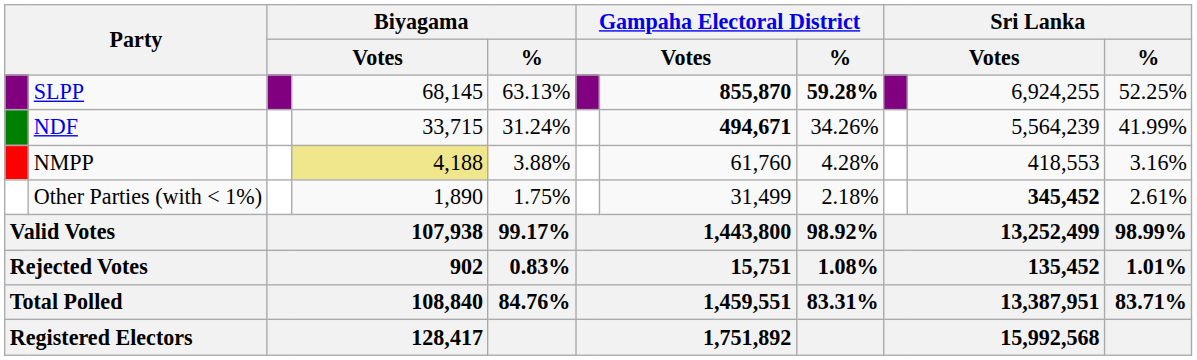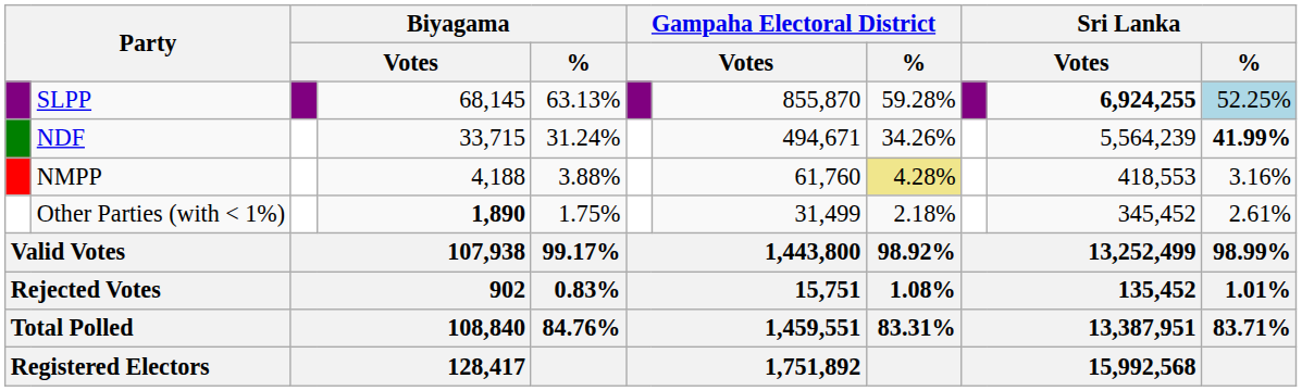 <table class="wikitable">
 <tr>
 <th colspan="2" width="144px"rowspan="2">Party</th>
 <th colspan="3" width="216px">Biyagama</th>
 <th colspan="3" width="216px"><a href='#'>Gampaha Electoral District</a></th>
 <th colspan="3" width="216px">Sri Lanka</th>
 </tr>
 <tr>
 <th colspan="2" width="144px">Votes</th>
 <th>%</th>
 <th colspan="2" width="144px">Votes</th>
 <th>%</th>
 <th colspan="2" width="144px">Votes</th>
 <th>%</th>
 </tr>
 <tr>
 <td style="background-color:purple;" width="10px"></td>
 <td style="text-align:left;"><a href='#'>SLPP</a></td>
 <td style="background-color:purple;" width="10px"></td>
 <td style="text-align:right;">68,145</td>
 <td style="text-align:right;">63.13%</td>
 <td style="background-color:purple;" width="10px"></td>
-<td style="text-align:right;"><strong>855,870</strong></td>
-<td style="text-align:right;"><strong>59.28%</strong></td>
+<td style="text-align:right;">855,870</td>
+<td style="text-align:right;">59.28%</td>
 <td style="background-color:purple;" width="10px"></td>
-<td style="text-align:right;">6,924,255</td>
-<td style="text-align:right;">52.25%</td>
+<td style="text-align:right;"><strong>6,924,255</strong></td>
+<td style="background: lightblue; text-align:right;">52.25%</td>
 </tr>
 <tr>
 <td style="background-color:green;" width="10px"></td>
 <td style="text-align:left;"><a href='#'>NDF</a></td>
 <td style="background-color:white;" width="10px"></td>
 <td style="text-align:right;">33,715</td>
 <td style="text-align:right;">31.24%</td>
 <td style="background-color:white;" width="10px"></td>
-<td style="text-align:right;"><strong>494,671</strong></td>
+<td style="text-align:right;">494,671</td>
 <td style="text-align:right;">34.26%</td>
 <td style="background-color:white;" width="10px"></td>
 <td style="text-align:right;">5,564,239</td>
-<td style="text-align:right;">41.99%</td>
+<td style="text-align:right;"><strong>41.99%</strong></td>
 </tr>
 <tr>
 <td style="background-color:red;" width="10px"></td>
 <td style="text-align:left;">NMPP</td>
 <td style="background-color:white;" width="10px"></td>
-<td style="background: khaki; text-align:right;">4,188</td>
+<td style="text-align:right;">4,188</td>
 <td style="text-align:right;">3.88%</td>
 <td style="background-color:white;" width="10px"></td>
 <td style="text-align:right;">61,760</td>
-<td style="text-align:right;">4.28%</td>
+<td style="background: khaki; text-align:right;">4.28%</td>
 <td style="background-color:white;" width="10px"></td>
 <td style="text-align:right;">418,553</td>
 <td style="text-align:right;">3.16%</td>
 </tr>
 <tr>
 <td style="background-color:white;" width="10px"></td>
 <td style="text-align:left;">Other Parties (with < 1%)</td>
 <td style="background-color:white;" width="10px"></td>
-<td style="text-align:right;">1,890</td>
+<td style="text-align:right;"><strong>1,890</strong></td>
 <td style="text-align:right;">1.75%</td>
 <td style="background-color:white;" width="10px"></td>
 <td style="text-align:right;">31,499</td>
 <td style="text-align:right;">2.18%</td>
 <td style="background-color:white;" width="10px"></td>
-<td style="text-align:right;"><strong>345,452</strong></td>
+<td style="text-align:right;">345,452</td>
 <td style="text-align:right;">2.61%</td>
 </tr>
 <tr>
 <th colspan="2" width="144px"style="text-align:left;">Valid Votes</th>
 <th style="text-align:right;"colspan="2" width="144px">107,938</th>
 <th style="text-align:right;">99.17%</th>
 <th style="text-align:right;"colspan="2" width="144px">1,443,800</th>
 <th style="text-align:right;">98.92%</th>
 <th style="text-align:right;"colspan="2" width="144px">13,252,499</th>
 <th style="text-align:right;">98.99%</th>
 </tr>
 <tr>
 <th colspan="2" width="144px"style="text-align:left;">Rejected Votes</th>
 <th style="text-align:right;"colspan="2" width="144px">902</th>
 <th style="text-align:right;">0.83%</th>
 <th style="text-align:right;"colspan="2" width="144px">15,751</th>
 <th style="text-align:right;">1.08%</th>
 <th style="text-align:right;"colspan="2" width="144px">135,452</th>
 <th style="text-align:right;">1.01%</th>
 </tr>
 <tr>
 <th colspan="2" width="144px"style="text-align:left;">Total Polled</th>
 <th style="text-align:right;"colspan="2" width="144px">108,840</th>
 <th style="text-align:right;">84.76%</th>
 <th style="text-align:right;"colspan="2" width="144px">1,459,551</th>
 <th style="text-align:right;">83.31%</th>
 <th style="text-align:right;"colspan="2" width="144px">13,387,951</th>
 <th style="text-align:right;">83.71%</th>
 </tr>
 <tr>
 <th colspan="2" width="144px"style="text-align:left;">Registered Electors</th>
 <th style="text-align:right;"colspan="2" width="144px">128,417</th>
 <th></th>
 <th style="text-align:right;"colspan="2" width="144px">1,751,892</th>
 <th></th>
 <th style="text-align:right;"colspan="2" width="144px">15,992,568</th>
 <th></th>
 </tr>
 </table>
